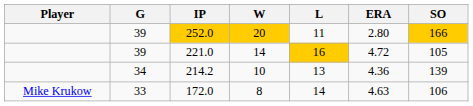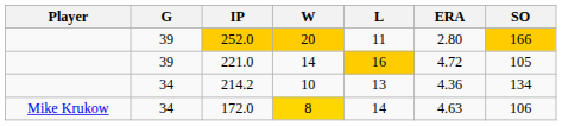 <table class="wikitable sortable">
 <tr>
 <th bgcolor="#DDDDFF" width="16%">Player</th>
 <th bgcolor="#DDDDFF" width="9%">G</th>
 <th bgcolor="#DDDDFF" width="9%">IP</th>
 <th bgcolor="#DDDDFF" width="9%">W</th>
 <th bgcolor="#DDDDFF" width="9%">L</th>
 <th bgcolor="#DDDDFF" width="9%">ERA</th>
 <th bgcolor="#DDDDFF" width="9%">SO</th>
 </tr>
 <tr align="center">
 <td></td>
 <td>39</td>
 <td style="background:#fc0;">252.0</td>
 <td style="background:#fc0;">20</td>
 <td>11</td>
 <td>2.80</td>
 <td style="background:#fc0;">166</td>
 </tr>
 <tr align="center">
 <td></td>
 <td>39</td>
 <td>221.0</td>
 <td>14</td>
 <td style="background:#fc0;">16</td>
 <td>4.72</td>
 <td>105</td>
 </tr>
 <tr align="center">
 <td></td>
 <td>34</td>
 <td>214.2</td>
 <td>10</td>
 <td>13</td>
 <td>4.36</td>
-<td>139</td>
+<td>134</td>
 </tr>
 <tr align="center">
 <td><a href='#'>Mike Krukow</a></td>
-<td>33</td>
+<td>34</td>
 <td>172.0</td>
-<td>8</td>
+<td style="background: gold;">8</td>
 <td>14</td>
 <td>4.63</td>
 <td>106</td>
 </tr>
 </table>
